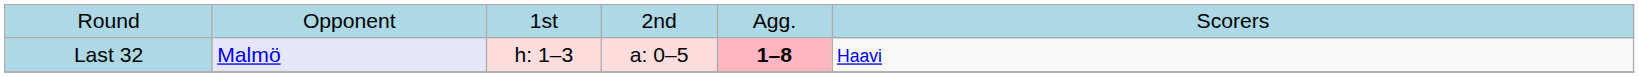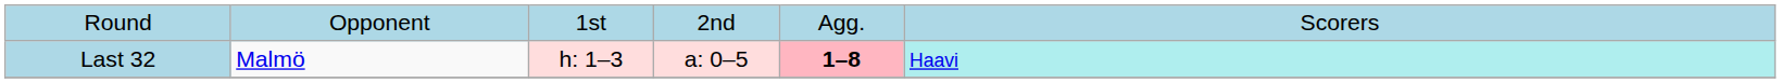 <table class="wikitable" style="text-align:center">
 <tr bgcolor=lightblue>
 <td width=150px>Round</td>
 <td width=200px>Opponent</td>
 <td width=80px>1st</td>
 <td width=80px>2nd</td>
 <td width=80px>Agg.</td>
 <td width=600px>Scorers</td>
 </tr>
 <tr>
 <td bgcolor=lightblue>Last 32</td>
-<td align=left style="background: lavender;"> <a href='#'>Malmö</a></td>
+<td align=left> <a href='#'>Malmö</a></td>
 <td bgcolor="#ffdddd">h: 1–3</td>
 <td bgcolor="#ffdddd">a: 0–5</td>
 <td bgcolor=lightpink><strong>1–8</strong></td>
-<td align=left><small><a href='#'>Haavi</a></small></td>
+<td align=left style="background: paleturquoise;"><small><a href='#'>Haavi</a></small></td>
 </tr>
 <tr>
 </tr>
 </table>
